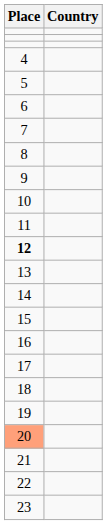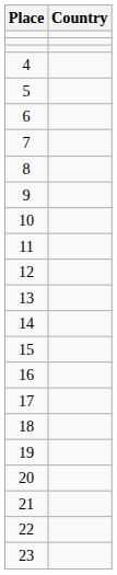 <table class="wikitable" style="font-size:95%;">
 <tr>
 <th>Place</th>
 <th>Country</th>
 </tr>
 <tr>
 <td align=center></td>
 <td></td>
 </tr>
 <tr>
 <td align="center"></td>
 <td></td>
 </tr>
 <tr>
 <td align="center"></td>
 <td></td>
 </tr>
 <tr>
 <td align="center">4</td>
 <td></td>
 </tr>
 <tr>
 <td align="center">5</td>
 <td></td>
 </tr>
 <tr>
 <td align="center">6</td>
 <td></td>
 </tr>
 <tr>
 <td align="center">7</td>
 <td></td>
 </tr>
 <tr>
 <td align="center">8</td>
 <td></td>
 </tr>
 <tr>
 <td align="center">9</td>
 <td></td>
 </tr>
 <tr>
 <td align="center">10</td>
 <td></td>
 </tr>
 <tr>
 <td align="center">11</td>
 <td></td>
 </tr>
 <tr>
-<td align="center"><strong>12</strong></td>
+<td align="center">12</td>
 <td></td>
 </tr>
 <tr>
 <td align="center">13</td>
 <td></td>
 </tr>
 <tr>
 <td align="center">14</td>
 <td></td>
 </tr>
 <tr>
 <td align="center">15</td>
 <td></td>
 </tr>
 <tr>
 <td align="center">16</td>
 <td></td>
 </tr>
 <tr>
 <td align=center>17</td>
 <td></td>
 </tr>
 <tr>
 <td align=center>18</td>
 <td></td>
 </tr>
 <tr>
 <td align=center>19</td>
 <td></td>
 </tr>
 <tr>
-<td align=center style="background: lightsalmon;">20</td>
+<td align=center>20</td>
 <td></td>
 </tr>
 <tr>
 <td align=center>21</td>
 <td></td>
 </tr>
 <tr>
 <td align=center>22</td>
 <td></td>
 </tr>
 <tr>
 <td align=center>23</td>
 <td></td>
 </tr>
 </table>
